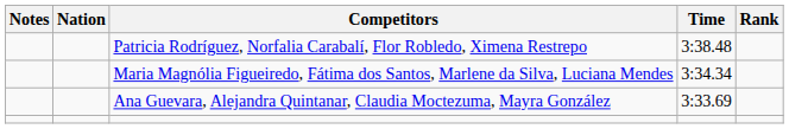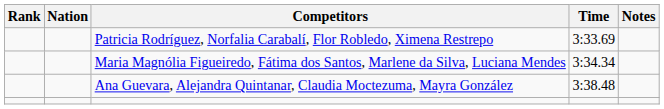 <table class="wikitable sortable" style="text-align:center; font-size:95%">
 <tr>
-<th>Notes</th>
+<th>Rank</th>
 <th>Nation</th>
 <th>Competitors</th>
 <th>Time</th>
-<th>Rank</th>
+<th>Notes</th>
 </tr>
 <tr>
 <td></td>
 <td align=left></td>
 <td align=left><a href='#'>Patricia Rodríguez</a>, <a href='#'>Norfalia Carabalí</a>, <a href='#'>Flor Robledo</a>, <a href='#'>Ximena Restrepo</a></td>
-<td>3:38.48</td>
+<td>3:33.69</td>
 <td></td>
 </tr>
 <tr>
 <td></td>
 <td align=left></td>
 <td align=left><a href='#'>Maria Magnólia Figueiredo</a>, <a href='#'>Fátima dos Santos</a>, <a href='#'>Marlene da Silva</a>, <a href='#'>Luciana Mendes</a></td>
 <td>3:34.34</td>
 <td></td>
 </tr>
 <tr>
 <td></td>
 <td align=left></td>
 <td align=left><a href='#'>Ana Guevara</a>, <a href='#'>Alejandra Quintanar</a>, <a href='#'>Claudia Moctezuma</a>, <a href='#'>Mayra González</a></td>
-<td>3:33.69</td>
+<td>3:38.48</td>
 <td></td>
 </tr>
 <tr>
 <td></td>
 <td align=left></td>
 <td align=left></td>
 <td></td>
 <td></td>
 </tr>
 </table>
